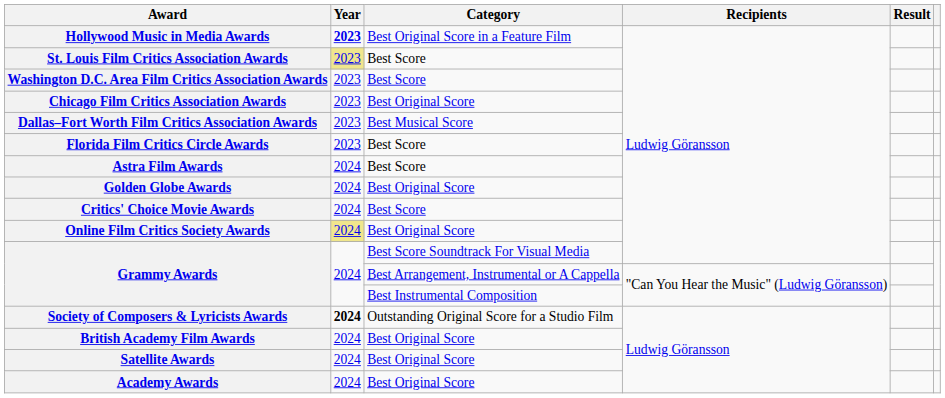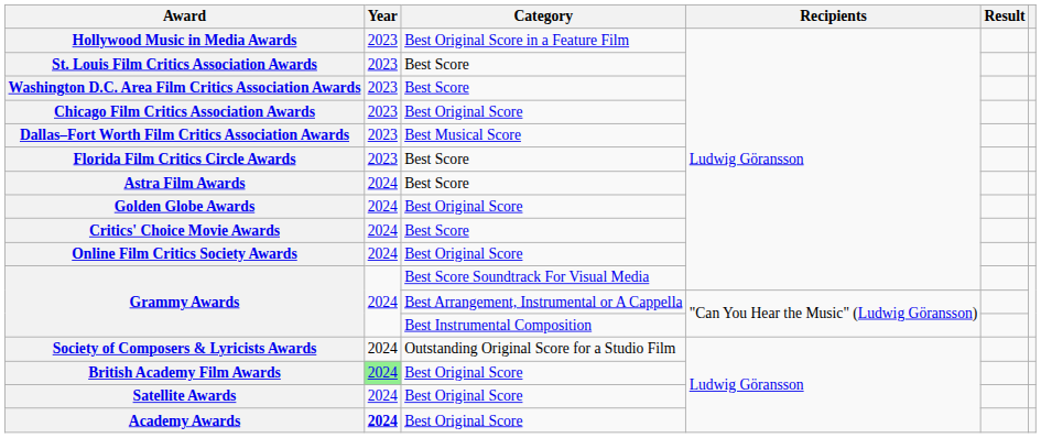 <table class="wikitable sortable plainrowheaders">
 <tr>
 <th scope="col">Award</th>
 <th scope="col">Year</th>
 <th scope="col">Category</th>
 <th>Recipients</th>
 <th scope="col">Result</th>
 <th scope="col" class="unsortable"></th>
 </tr>
 <tr>
 <th scope="row"><a href='#'>Hollywood Music in Media Awards</a></th>
-<td><strong><a href='#'>2023</a></strong></td>
+<td><a href='#'>2023</a></td>
 <td><a href='#'>Best Original Score in a Feature Film</a></td>
 <td rowspan="11"><a href='#'>Ludwig Göransson</a></td>
 <td></td>
 <td></td>
 </tr>
 <tr>
 <th scope="row"><a href='#'>St. Louis Film Critics Association Awards</a></th>
-<td style="background: khaki;"><a href='#'>2023</a></td>
+<td><a href='#'>2023</a></td>
 <td>Best Score</td>
 <td></td>
 <td></td>
 </tr>
 <tr>
 <th scope="row"><a href='#'>Washington D.C. Area Film Critics Association Awards</a></th>
 <td><a href='#'>2023</a></td>
 <td><a href='#'>Best Score</a></td>
 <td></td>
 <td></td>
 </tr>
 <tr>
 <th scope="row"><a href='#'>Chicago Film Critics Association Awards</a></th>
 <td><a href='#'>2023</a></td>
 <td><a href='#'>Best Original Score</a></td>
 <td></td>
 <td></td>
 </tr>
 <tr>
 <th scope="row"><a href='#'>Dallas–Fort Worth Film Critics Association Awards</a></th>
 <td><a href='#'>2023</a></td>
 <td><a href='#'>Best Musical Score</a></td>
 <td></td>
 <td></td>
 </tr>
 <tr>
 <th scope="row"><a href='#'>Florida Film Critics Circle Awards</a></th>
 <td><a href='#'>2023</a></td>
 <td>Best Score</td>
 <td></td>
 <td></td>
 </tr>
 <tr>
 <th scope="row"><a href='#'>Astra Film Awards</a></th>
 <td><a href='#'>2024</a></td>
 <td>Best Score</td>
 <td></td>
 <td></td>
 </tr>
 <tr>
 <th scope="row"><a href='#'>Golden Globe Awards</a></th>
 <td><a href='#'>2024</a></td>
 <td><a href='#'>Best Original Score</a></td>
 <td></td>
 <td></td>
 </tr>
 <tr>
 <th scope="row"><a href='#'>Critics' Choice Movie Awards</a></th>
 <td><a href='#'>2024</a></td>
 <td><a href='#'>Best Score</a></td>
 <td></td>
 <td></td>
 </tr>
 <tr>
 <th scope="row"><a href='#'>Online Film Critics Society Awards</a></th>
-<td style="background: khaki;"><a href='#'>2024</a></td>
+<td><a href='#'>2024</a></td>
 <td><a href='#'>Best Original Score</a></td>
 <td></td>
 <td></td>
 </tr>
 <tr>
 <th rowspan="3" scope="row"><a href='#'>Grammy Awards</a></th>
 <td rowspan="3"><a href='#'>2024</a></td>
 <td><a href='#'>Best Score Soundtrack For Visual Media</a></td>
 <td></td>
 <td rowspan="3"></td>
 </tr>
 <tr>
 <td><a href='#'>Best Arrangement, Instrumental or A Cappella</a></td>
 <td rowspan="2">"Can You Hear the Music" (<a href='#'>Ludwig Göransson</a>)</td>
 <td></td>
 </tr>
 <tr>
 <td><a href='#'>Best Instrumental Composition</a></td>
 <td></td>
 </tr>
 <tr>
 <th scope="row"><a href='#'>Society of Composers & Lyricists Awards</a></th>
-<td><strong>2024</strong></td>
+<td>2024</td>
 <td>Outstanding Original Score for a Studio Film</td>
 <td rowspan="4"><a href='#'>Ludwig Göransson</a></td>
 <td></td>
 <td></td>
 </tr>
 <tr>
 <th scope="row"><a href='#'>British Academy Film Awards</a></th>
-<td><a href='#'>2024</a></td>
+<td style="background: lightgreen;"><a href='#'>2024</a></td>
 <td><a href='#'>Best Original Score</a></td>
 <td></td>
 <td></td>
 </tr>
 <tr>
 <th scope="row"><a href='#'>Satellite Awards</a></th>
 <td><a href='#'>2024</a></td>
 <td><a href='#'>Best Original Score</a></td>
 <td></td>
 <td></td>
 </tr>
 <tr>
 <th scope="row"><a href='#'>Academy Awards</a></th>
-<td><a href='#'>2024</a></td>
+<td><strong><a href='#'>2024</a></strong></td>
 <td><a href='#'>Best Original Score</a></td>
 <td></td>
 <td></td>
 </tr>
 </table>
